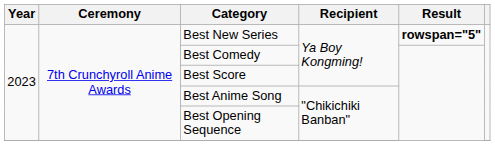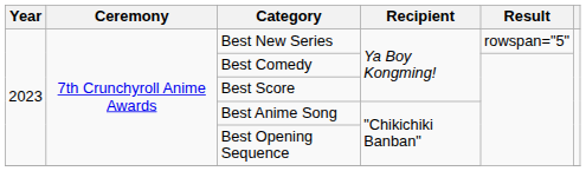 <table class="wikitable plainrowheaders sortable">
 <tr>
 <th scope="col">Year</th>
 <th scope="col">Ceremony</th>
 <th scope="col">Category</th>
 <th scope="col">Recipient</th>
 <th scope="col">Result</th>
 <th scope="col" class="unsortable"></th>
 </tr>
 <tr>
 <td rowspan="5" align="center">2023</td>
 <td rowspan="5" align="center"><a href='#'>7th Crunchyroll Anime Awards</a></td>
 <td>Best New Series</td>
 <td rowspan="3"><em>Ya Boy Kongming!</em></td>
-<td><strong>rowspan="5" </strong></td>
+<td>rowspan="5" </td>
 <td rowspan="5" align="center"></td>
 </tr>
 <tr>
 <td>Best Comedy</td>
 </tr>
 <tr>
 <td>Best Score</td>
 </tr>
 <tr>
 <td>Best Anime Song</td>
 <td rowspan="2">"Chikichiki Banban" </td>
 </tr>
 <tr>
 <td>Best Opening Sequence</td>
 </tr>
 <tr>
 </tr>
 </table>
